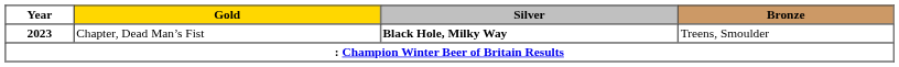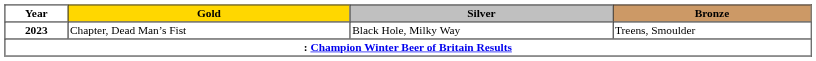 <table | width=90% border=1 cellpadding=2 cellspacing=0>
 <tr>
 <th>Year</th>
 <th style="background:gold;"><strong>Gold</strong></th>
 <th style="background:silver;"><strong>Silver</strong></th>
 <th style="background:#c96;"><strong>Bronze</strong></th>
 </tr>
 <tr>
 <th>2023</th>
 <td>Chapter, Dead Man’s Fist </td>
-<td><strong>Black Hole, Milky Way</strong></td>
+<td>Black Hole, Milky Way</td>
 <td>Treens, Smoulder</td>
 </tr>
 <tr>
 <th colspan="4">: <a href='#'>Champion Winter Beer of Britain Results</a></th>
 </tr>
 </table>
